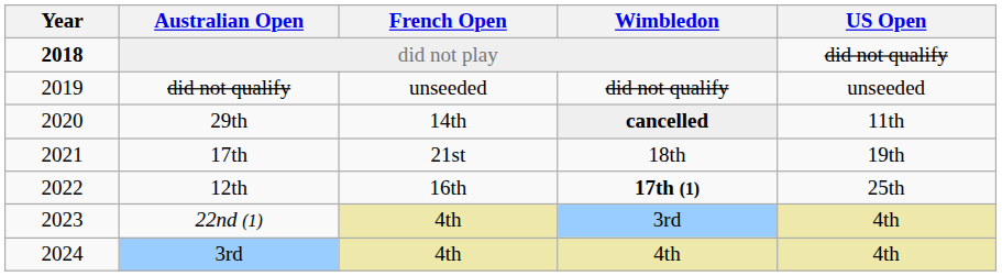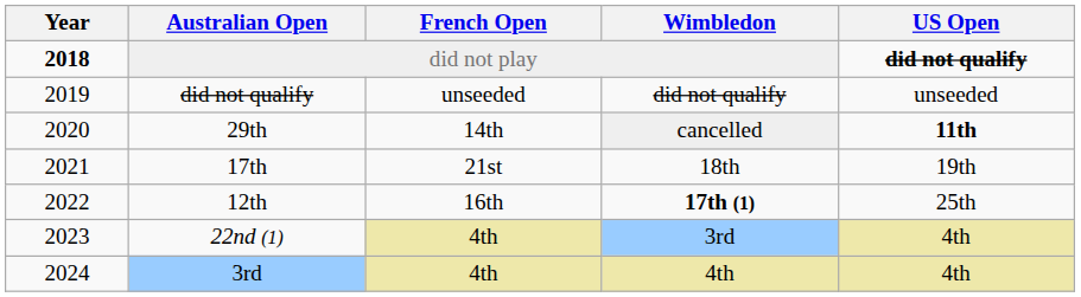 <table class=wikitable style=text-align:center>
 <tr>
 <th width=80>Year</th>
 <th width=160><a href='#'>Australian Open</a></th>
 <th width=160><a href='#'>French Open</a></th>
 <th width=160><a href='#'>Wimbledon</a></th>
 <th width=160><a href='#'>US Open</a></th>
 </tr>
 <tr>
 <td><strong>2018</strong></td>
 <td colspan="3" style="background:#efefef; color:#767676;">did not play</td>
-<td><s>did not qualify</s></td>
+<td><strong><s>did not qualify</s></strong></td>
 </tr>
 <tr>
 <td>2019</td>
 <td><s>did not qualify</s></td>
 <td>unseeded</td>
 <td><s>did not qualify</s></td>
 <td>unseeded</td>
 </tr>
 <tr>
 <td>2020</td>
 <td>29th</td>
 <td>14th</td>
-<td style="background:#efefef;" style=color:#767676><strong>cancelled</strong></td>
-<td>11th</td>
+<td style="background:#efefef;" style=color:#767676>cancelled</td>
+<td><strong>11th</strong></td>
 </tr>
 <tr>
 <td>2021</td>
 <td>17th</td>
 <td>21st</td>
 <td>18th</td>
 <td>19th</td>
 </tr>
 <tr>
 <td>2022</td>
 <td>12th</td>
 <td>16th</td>
 <td><strong>17th <small>(1)</small></strong></td>
 <td>25th</td>
 </tr>
 <tr>
 <td>2023</td>
 <td><em>22nd <small>(1)</small></em></td>
 <td style="background:#eee8aa;">4th</td>
 <td style="background:#9cf;">3rd</td>
 <td style="background:#eee8aa;">4th</td>
 </tr>
 <tr>
 <td>2024</td>
 <td style="background:#9cf;">3rd</td>
 <td style="background:#eee8aa;">4th</td>
 <td style="background:#eee8aa;">4th</td>
 <td style="background:#eee8aa;">4th</td>
 </tr>
 </table>
